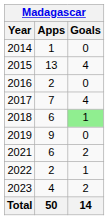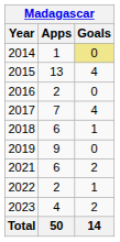 <table class="wikitable" style="text-align:center">
 <tr>
 <th colspan="3"><a href='#'>Madagascar</a></th>
 </tr>
 <tr>
 <th>Year</th>
 <th>Apps</th>
 <th>Goals</th>
 </tr>
 <tr>
 <td>2014</td>
 <td>1</td>
-<td>0</td>
+<td style="background: khaki;">0</td>
 </tr>
 <tr>
 <td>2015</td>
 <td>13</td>
 <td>4</td>
 </tr>
 <tr>
 <td>2016</td>
 <td>2</td>
 <td>0</td>
 </tr>
 <tr>
 <td>2017</td>
 <td>7</td>
 <td>4</td>
 </tr>
 <tr>
 <td>2018</td>
 <td>6</td>
-<td style="background: lightgreen;">1</td>
+<td>1</td>
 </tr>
 <tr>
 <td>2019</td>
 <td>9</td>
 <td>0</td>
 </tr>
 <tr>
 <td>2021</td>
 <td>6</td>
 <td>2</td>
 </tr>
 <tr>
 <td>2022</td>
 <td>2</td>
 <td>1</td>
 </tr>
 <tr>
 <td>2023</td>
 <td>4</td>
 <td>2</td>
 </tr>
 <tr>
 <th>Total</th>
 <th>50</th>
 <th>14</th>
 </tr>
 </table>
